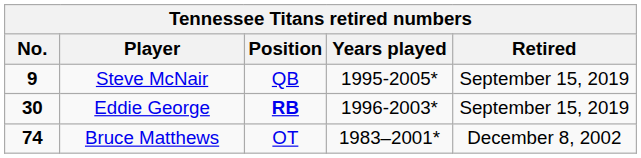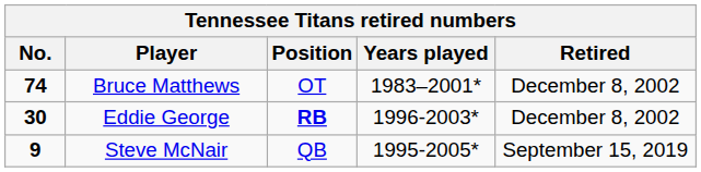 <table class="wikitable" style="text-align:center">
 <tr>
 <th colspan="5">Tennessee Titans retired numbers</th>
 </tr>
 <tr>
 <th width=40px>No.</th>
 <th width=150px>Player</th>
 <th width=40px>Position</th>
 <th width=100px>Years played</th>
 <th width=150px>Retired</th>
 </tr>
 <tr>
+<td><strong>74</strong></td>
+<td><a href='#'>Bruce Matthews</a></td>
+<td><a href='#'>OT</a></td>
+<td>1983–2001*</td>
+<td>December 8, 2002</td>
+</tr>
+<tr>
+<td><strong>30</strong></td>
+<td><a href='#'>Eddie George</a></td>
+<td><strong><a href='#'>RB</a></strong></td>
+<td>1996-2003*</td>
+<td>December 8, 2002</td>
+</tr>
+<tr>
 <td><strong>9</strong></td>
 <td><a href='#'>Steve McNair</a></td>
 <td><a href='#'>QB</a></td>
 <td>1995-2005*</td>
 <td>September 15, 2019</td>
 </tr>
-<tr>
-<td><strong>30</strong></td>
-<td><a href='#'>Eddie George</a></td>
-<td><strong><a href='#'>RB</a></strong></td>
-<td>1996-2003*</td>
-<td>September 15, 2019</td>
-</tr>
-<tr>
-<td><strong>74</strong></td>
-<td><a href='#'>Bruce Matthews</a></td>
-<td><a href='#'>OT</a></td>
-<td>1983–2001*</td>
-<td>December 8, 2002</td>
-</tr>
 </table>
